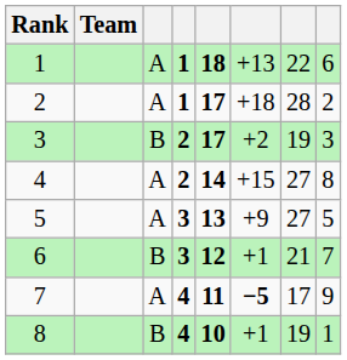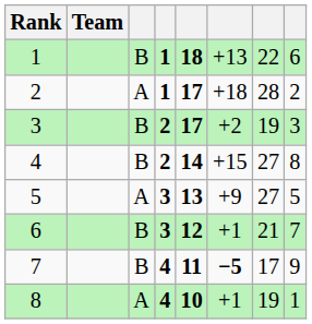 <table class="wikitable" style="text-align:center;">
 <tr>
 <th>Rank</th>
 <th>Team</th>
 <th></th>
 <th></th>
 <th></th>
 <th></th>
 <th></th>
 <th></th>
 </tr>
 <tr style="background-color:#BBF3BB;">
 <td>1</td>
 <td align=left></td>
-<td>A</td>
+<td>B</td>
 <td><strong>1</strong></td>
 <td><strong>18</strong></td>
 <td>+13</td>
 <td>22</td>
 <td>6</td>
 </tr>
 <tr>
 <td>2</td>
 <td align=left></td>
 <td>A</td>
 <td><strong>1</strong></td>
 <td><strong>17</strong></td>
 <td>+18</td>
 <td>28</td>
 <td>2</td>
 </tr>
 <tr style="background-color:#BBF3BB;">
 <td>3</td>
 <td align=left></td>
 <td>B</td>
 <td><strong>2</strong></td>
 <td><strong>17</strong></td>
 <td>+2</td>
 <td>19</td>
 <td>3</td>
 </tr>
 <tr>
 <td>4</td>
 <td align=left></td>
-<td>A</td>
+<td>B</td>
 <td><strong>2</strong></td>
 <td><strong>14</strong></td>
 <td>+15</td>
 <td>27</td>
 <td>8</td>
 </tr>
 <tr>
 <td>5</td>
 <td align=left></td>
 <td>A</td>
 <td><strong>3</strong></td>
 <td><strong>13</strong></td>
 <td>+9</td>
 <td>27</td>
 <td>5</td>
 </tr>
 <tr style="background-color:#BBF3BB;">
 <td>6</td>
 <td align=left></td>
 <td>B</td>
 <td><strong>3</strong></td>
 <td><strong>12</strong></td>
 <td>+1</td>
 <td>21</td>
 <td>7</td>
 </tr>
 <tr>
 <td>7</td>
 <td align=left></td>
-<td>A</td>
+<td>B</td>
 <td><strong>4</strong></td>
 <td><strong>11</strong></td>
 <td><strong>−5</strong></td>
 <td>17</td>
 <td>9</td>
 </tr>
 <tr style="background-color:#BBF3BB;">
 <td>8</td>
 <td align=left></td>
-<td>B</td>
+<td>A</td>
 <td><strong>4</strong></td>
 <td><strong>10</strong></td>
 <td>+1</td>
 <td>19</td>
 <td>1</td>
 </tr>
 </table>
